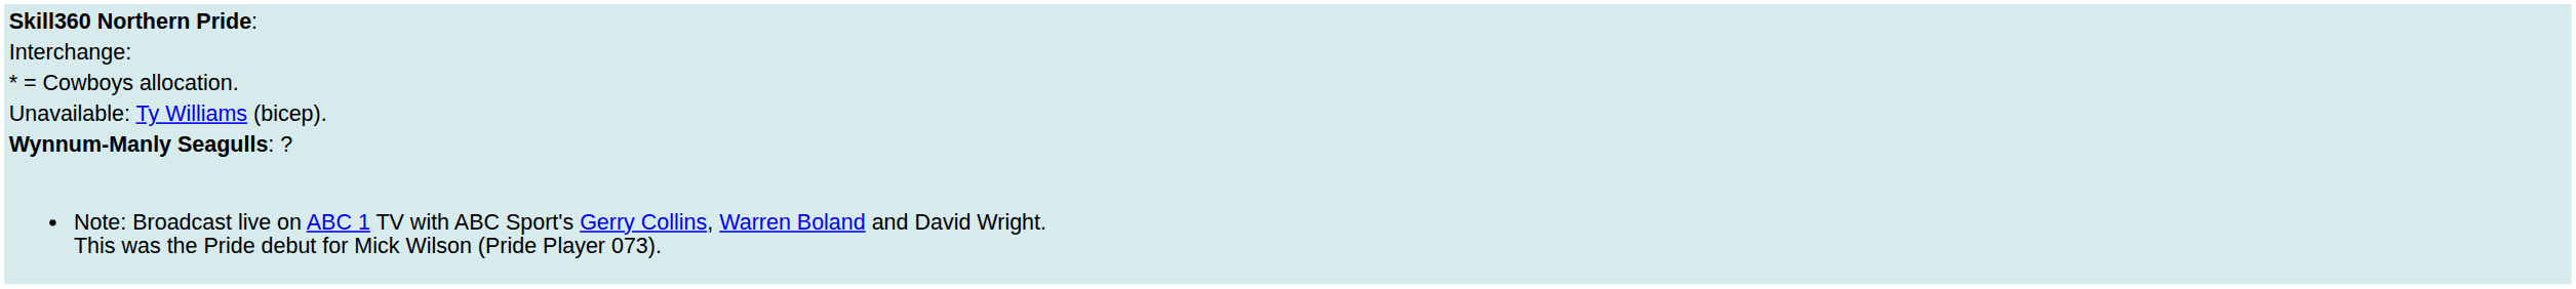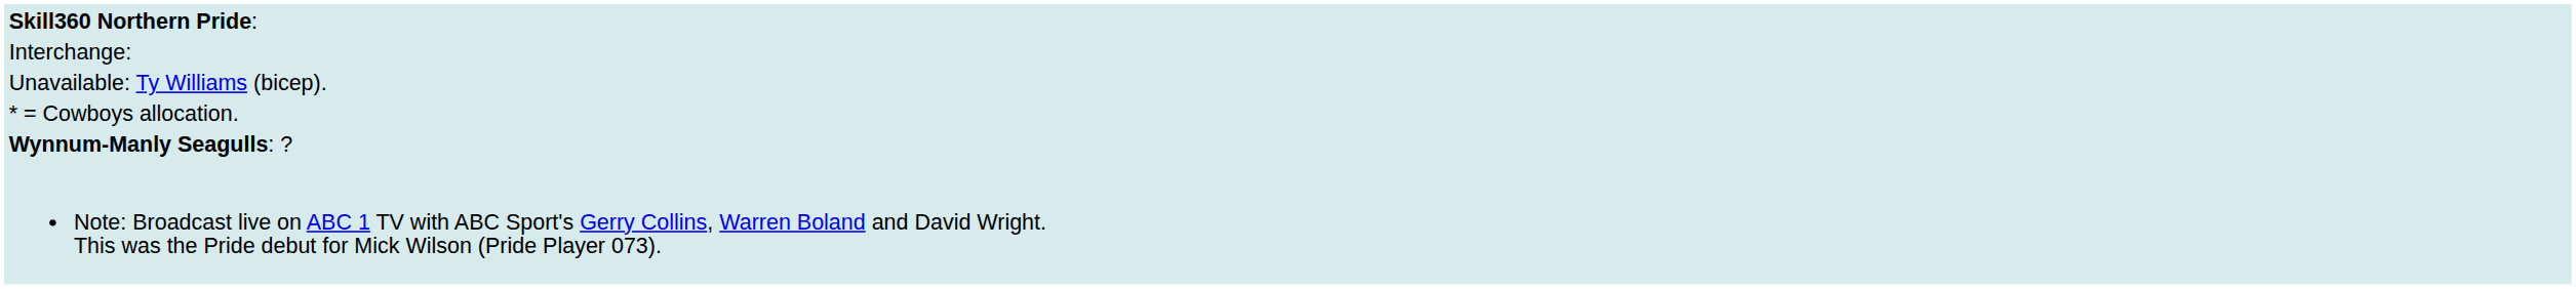 <table style="background:#d7ebed; font-size:85%; width:100%;">
 <tr>
 <td><strong>Skill360 Northern Pride</strong>:             </td>
 </tr>
 <tr>
 <td>Interchange:    </td>
 </tr>
 <tr>
-<td>* = Cowboys allocation.</td>
+<td>Unavailable: <a href='#'>Ty Williams</a> (bicep).</td>
 </tr>
 <tr>
-<td>Unavailable: <a href='#'>Ty Williams</a> (bicep).</td>
+<td>* = Cowboys allocation.</td>
 </tr>
 <tr>
 <td><strong>Wynnum-Manly Seagulls</strong>: ?</td>
 </tr>
 <tr>
 <td><br><ul><li>Note: Broadcast live on <a href='#'>ABC 1</a> TV with ABC Sport's <a href='#'>Gerry Collins</a>, <a href='#'>Warren Boland</a> and David Wright.<br>This was the Pride debut for Mick Wilson (Pride Player 073).</li></ul></td>
 </tr>
 </table>
